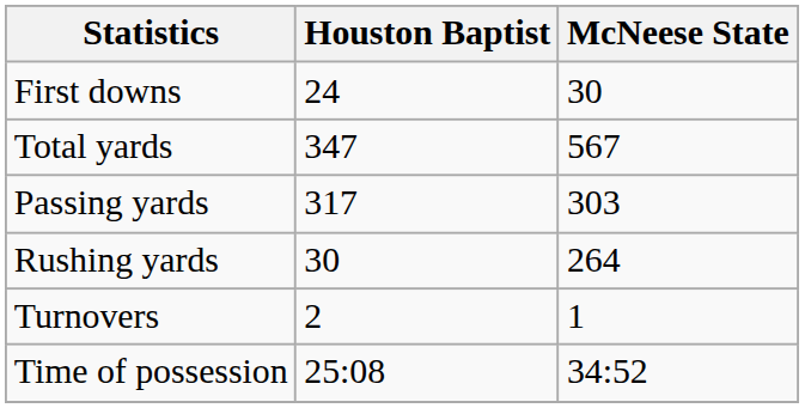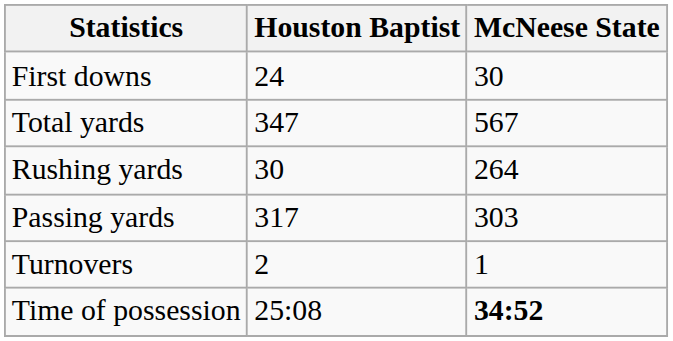 <table class="wikitable">
 <tr>
 <th>Statistics</th>
 <th>Houston Baptist</th>
 <th>McNeese State</th>
 </tr>
 <tr>
 <td>First downs</td>
 <td>24</td>
 <td>30</td>
 </tr>
 <tr>
 <td>Total yards</td>
 <td>347</td>
 <td>567</td>
 </tr>
 <tr>
+<td>Rushing yards</td>
+<td>30</td>
+<td>264</td>
+</tr>
+<tr>
 <td>Passing yards</td>
 <td>317</td>
 <td>303</td>
-</tr>
-<tr>
-<td>Rushing yards</td>
-<td>30</td>
-<td>264</td>
 </tr>
 <tr>
 <td>Turnovers</td>
 <td>2</td>
 <td>1</td>
 </tr>
 <tr>
 <td>Time of possession</td>
 <td>25:08</td>
-<td>34:52</td>
+<td><strong>34:52</strong></td>
 </tr>
 <tr>
 </tr>
 </table>
